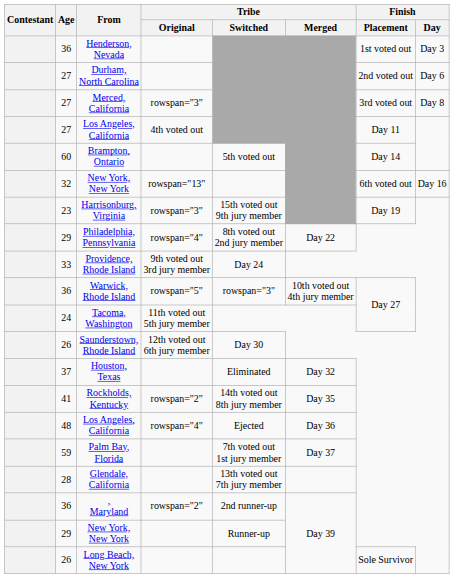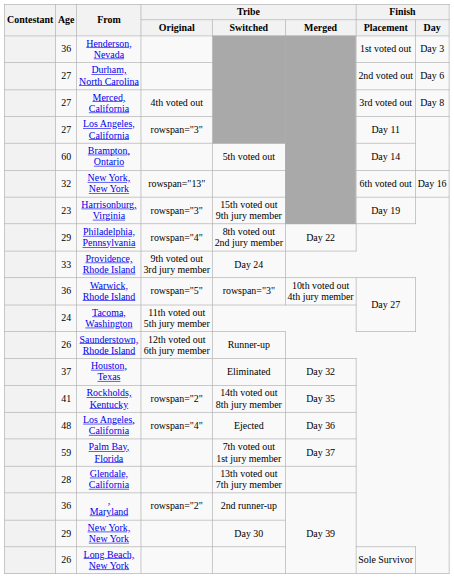 <table class="wikitable sortable" style="margin:auto; text-align:center">
 <tr>
 <th rowspan="2" scope="col">Contestant</th>
 <th rowspan="2" scope="col">Age</th>
 <th rowspan="2" scope="col" class=unsortable>From</th>
 <th colspan="3" scope="colgroup">Tribe</th>
 <th colspan="2" scope="colgroup">Finish</th>
 </tr>
 <tr>
 <th scope="col">Original</th>
 <th scope="col">Switched</th>
 <th scope="col" class=unsortable>Merged</th>
 <th scope="col" class=unsortable>Placement</th>
 <th scope="col" class=unsortable>Day</th>
 </tr>
 <tr>
 <th scope="row" style="text-align:left"></th>
 <td>36</td>
 <td><a href='#'>Henderson,<br>Nevada</a></td>
 <td></td>
 <td rowspan="4" bgcolor="darkgray"></td>
 <td rowspan="7" bgcolor="darkgray"></td>
 <td>1st voted out</td>
 <td>Day 3</td>
 </tr>
 <tr>
 <th scope="row" style="text-align:left"></th>
 <td>27</td>
 <td><a href='#'>Durham,<br>North Carolina</a></td>
 <td></td>
 <td>2nd voted out</td>
 <td>Day 6</td>
 </tr>
 <tr>
 <th scope="row" style="text-align:left"></th>
 <td>27</td>
 <td><a href='#'>Merced,<br>California</a></td>
-<td>rowspan="3" </td>
+<td>4th voted out</td>
 <td>3rd voted out</td>
 <td>Day 8</td>
 </tr>
 <tr>
 <th scope="row" style="text-align:left"></th>
 <td>27</td>
 <td><a href='#'>Los Angeles,<br>California</a></td>
-<td>4th voted out</td>
+<td>rowspan="3" </td>
 <td>Day 11</td>
 </tr>
 <tr>
 <th scope="row" style="text-align:left"></th>
 <td>60</td>
 <td><a href='#'>Brampton,<br>Ontario</a></td>
 <td></td>
 <td>5th voted out</td>
 <td>Day 14</td>
 </tr>
 <tr>
 <th scope="row" style="text-align:left"></th>
 <td>32</td>
 <td><a href='#'>New York,<br>New York</a></td>
 <td>rowspan="13" </td>
 <td></td>
 <td>6th voted out</td>
 <td>Day 16</td>
 </tr>
 <tr>
 <th scope="row" style="text-align:left"></th>
 <td>23</td>
 <td><a href='#'>Harrisonburg,<br>Virginia</a></td>
 <td>rowspan="3" </td>
 <td>15th voted out<br>9th jury member</td>
 <td>Day 19</td>
 </tr>
 <tr>
 <th scope="row" style="text-align:left"></th>
 <td>29</td>
 <td><a href='#'>Philadelphia,<br>Pennsylvania</a></td>
 <td>rowspan="4" </td>
 <td>8th voted out<br>2nd jury member</td>
 <td>Day 22</td>
 </tr>
 <tr>
 <th scope="row" style="text-align:left"></th>
 <td>33</td>
 <td><a href='#'>Providence,<br>Rhode Island</a></td>
 <td>9th voted out<br>3rd jury member</td>
 <td>Day 24</td>
 </tr>
 <tr>
 <th scope="row" style="text-align:left"></th>
 <td>36</td>
 <td><a href='#'>Warwick,<br>Rhode Island</a></td>
 <td>rowspan="5" </td>
 <td>rowspan="3" </td>
 <td>10th voted out<br>4th jury member</td>
 <td rowspan="2">Day 27</td>
 </tr>
 <tr>
 <th scope="row" style="text-align:left"></th>
 <td>24</td>
 <td><a href='#'>Tacoma,<br>Washington</a></td>
 <td>11th voted out<br>5th jury member</td>
 </tr>
 <tr>
 <th scope="row" style="text-align:left"></th>
 <td>26</td>
 <td><a href='#'>Saunderstown,<br>Rhode Island</a></td>
 <td>12th voted out<br>6th jury member</td>
-<td>Day 30</td>
+<td>Runner-up</td>
 </tr>
 <tr>
 <th scope="row" style="text-align:left"></th>
 <td>37</td>
 <td><a href='#'>Houston,<br>Texas</a></td>
 <td></td>
 <td>Eliminated<br></td>
 <td>Day 32</td>
 </tr>
 <tr>
 <th scope="row" style="text-align:left"></th>
 <td>41</td>
 <td><a href='#'>Rockholds,<br>Kentucky</a></td>
 <td>rowspan="2" </td>
 <td>14th voted out<br>8th jury member</td>
 <td>Day 35</td>
 </tr>
 <tr>
 <th scope="row" style="text-align:left"></th>
 <td>48</td>
 <td><a href='#'>Los Angeles,<br>California</a></td>
 <td>rowspan="4" </td>
 <td>Ejected</td>
 <td>Day 36</td>
 </tr>
 <tr>
 <th scope="row" style="text-align:left"></th>
 <td>59</td>
 <td><a href='#'>Palm Bay,<br>Florida</a></td>
 <td></td>
 <td>7th voted out<br>1st jury member</td>
 <td>Day 37</td>
 </tr>
 <tr>
 <th scope="row" style="text-align:left"></th>
 <td>28</td>
 <td><a href='#'>Glendale,<br>California</a></td>
 <td></td>
 <td>13th voted out<br>7th jury member</td>
 <td></td>
 </tr>
 <tr>
 <th scope="row" style="text-align:left"></th>
 <td>36</td>
 <td><a href='#'>,<br>Maryland</a></td>
 <td>rowspan="2" </td>
 <td>2nd runner-up</td>
 <td rowspan="3">Day 39</td>
 </tr>
 <tr>
 <th scope="row" style="text-align:left"></th>
 <td>29</td>
 <td><a href='#'>New York,<br>New York</a></td>
 <td></td>
-<td>Runner-up</td>
+<td>Day 30</td>
 </tr>
 <tr>
 <th scope="row" style="text-align:left"></th>
 <td>26</td>
 <td><a href='#'>Long Beach,<br>New York</a></td>
 <td></td>
 <td></td>
 <td>Sole Survivor</td>
 </tr>
 </table>
